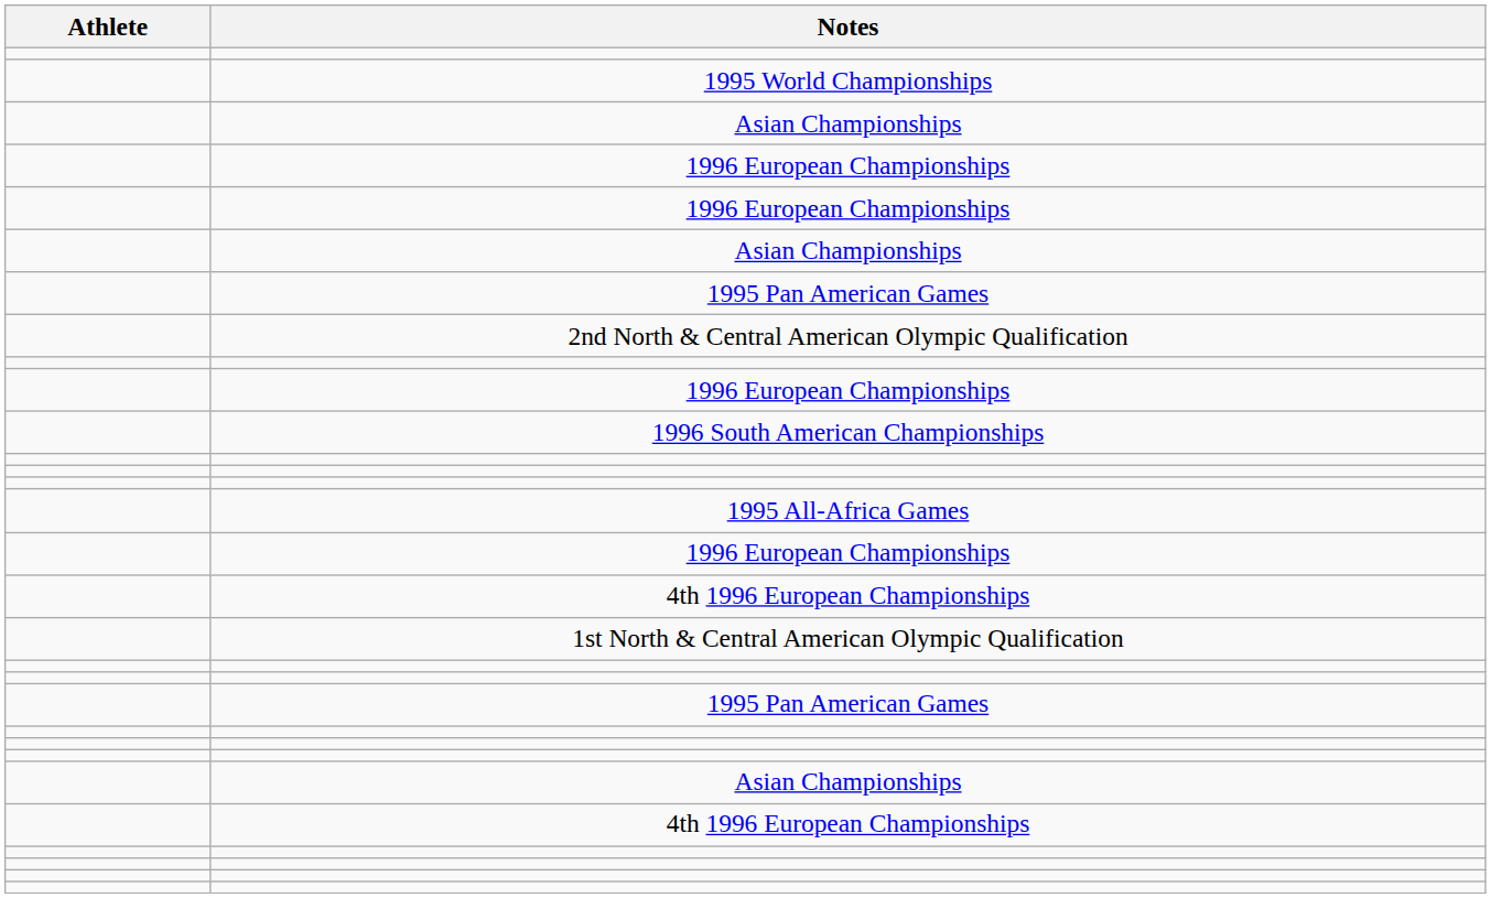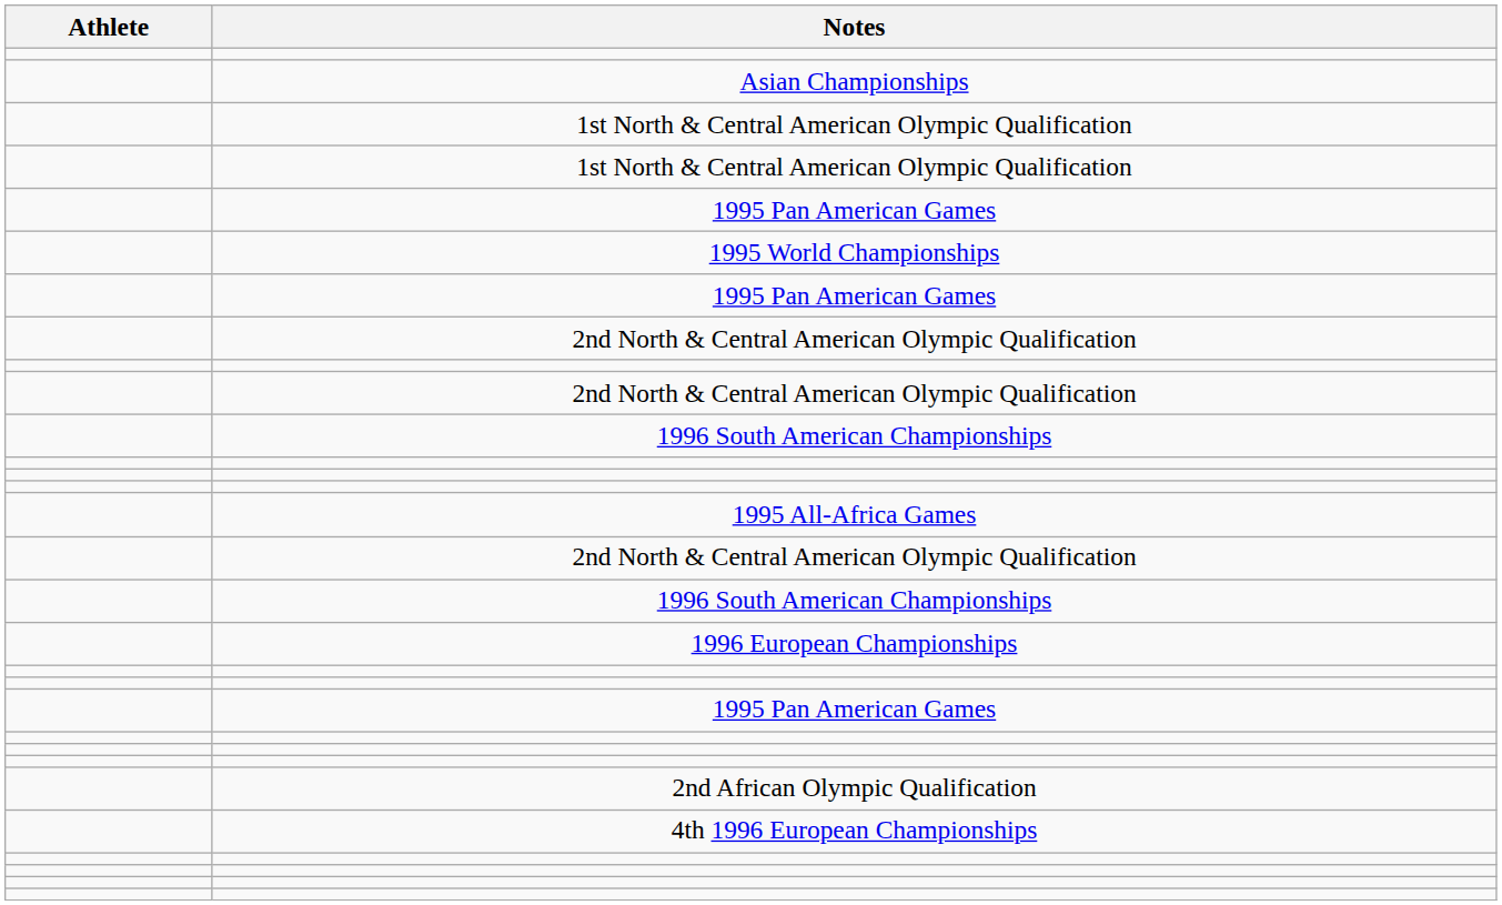 <table class="wikitable sortable" style="font-size:110%; text-align:center;" width="80%">
 <tr>
 <th>Athlete</th>
 <th>Notes</th>
 </tr>
 <tr>
 <td align=left></td>
 <td></td>
 </tr>
 <tr>
 <td align=left></td>
-<td> <a href='#'>1995 World Championships</a></td>
-</tr>
-<tr>
-<td align=left></td>
 <td> <a href='#'>Asian Championships</a></td>
 </tr>
 <tr>
 <td align=left></td>
-<td> <a href='#'>1996 European Championships</a></td>
+<td>1st North & Central American Olympic Qualification</td>
 </tr>
 <tr>
 <td align=left></td>
-<td> <a href='#'>1996 European Championships</a></td>
+<td>1st North & Central American Olympic Qualification</td>
 </tr>
 <tr>
 <td align=left></td>
-<td> <a href='#'>Asian Championships</a></td>
+<td> <a href='#'>1995 Pan American Games</a></td>
+</tr>
+<tr>
+<td align=left></td>
+<td> <a href='#'>1995 World Championships</a></td>
 </tr>
 <tr>
 <td align=left></td>
 <td> <a href='#'>1995 Pan American Games</a></td>
 </tr>
 <tr>
 <td align=left></td>
 <td>2nd North & Central American Olympic Qualification</td>
 </tr>
 <tr>
 <td align=left></td>
 <td></td>
 </tr>
 <tr>
 <td align=left></td>
-<td> <a href='#'>1996 European Championships</a></td>
+<td>2nd North & Central American Olympic Qualification</td>
 </tr>
 <tr>
 <td align=left></td>
 <td> <a href='#'>1996 South American Championships</a></td>
 </tr>
 <tr>
 <td align=left></td>
 <td></td>
 </tr>
 <tr>
 <td align=left></td>
 <td></td>
 </tr>
 <tr>
 <td align=left></td>
 <td></td>
 </tr>
 <tr>
 <td align=left></td>
 <td> <a href='#'>1995 All-Africa Games</a></td>
 </tr>
 <tr>
 <td align=left></td>
-<td> <a href='#'>1996 European Championships</a></td>
+<td>2nd North & Central American Olympic Qualification</td>
 </tr>
 <tr>
 <td align=left></td>
-<td>4th <a href='#'>1996 European Championships</a></td>
+<td> <a href='#'>1996 South American Championships</a></td>
 </tr>
 <tr>
 <td align=left></td>
-<td>1st North & Central American Olympic Qualification</td>
+<td> <a href='#'>1996 European Championships</a></td>
 </tr>
 <tr>
 <td align=left></td>
 <td></td>
 </tr>
 <tr>
 <td align=left></td>
 <td></td>
 </tr>
 <tr>
 <td align=left></td>
 <td> <a href='#'>1995 Pan American Games</a></td>
 </tr>
 <tr>
 <td align=left></td>
 <td></td>
 </tr>
 <tr>
 <td align=left></td>
 <td></td>
 </tr>
 <tr>
 <td align=left></td>
 <td></td>
 </tr>
 <tr>
 <td align=left></td>
-<td> <a href='#'>Asian Championships</a></td>
+<td>2nd African Olympic Qualification</td>
 </tr>
 <tr>
 <td align=left></td>
 <td>4th <a href='#'>1996 European Championships</a></td>
 </tr>
 <tr>
 <td align=left></td>
 <td></td>
 </tr>
 <tr>
 <td align=left></td>
 <td></td>
 </tr>
 <tr>
 <td align=left></td>
 <td></td>
 </tr>
 <tr>
 <td align=left></td>
 <td></td>
 </tr>
 </table>
